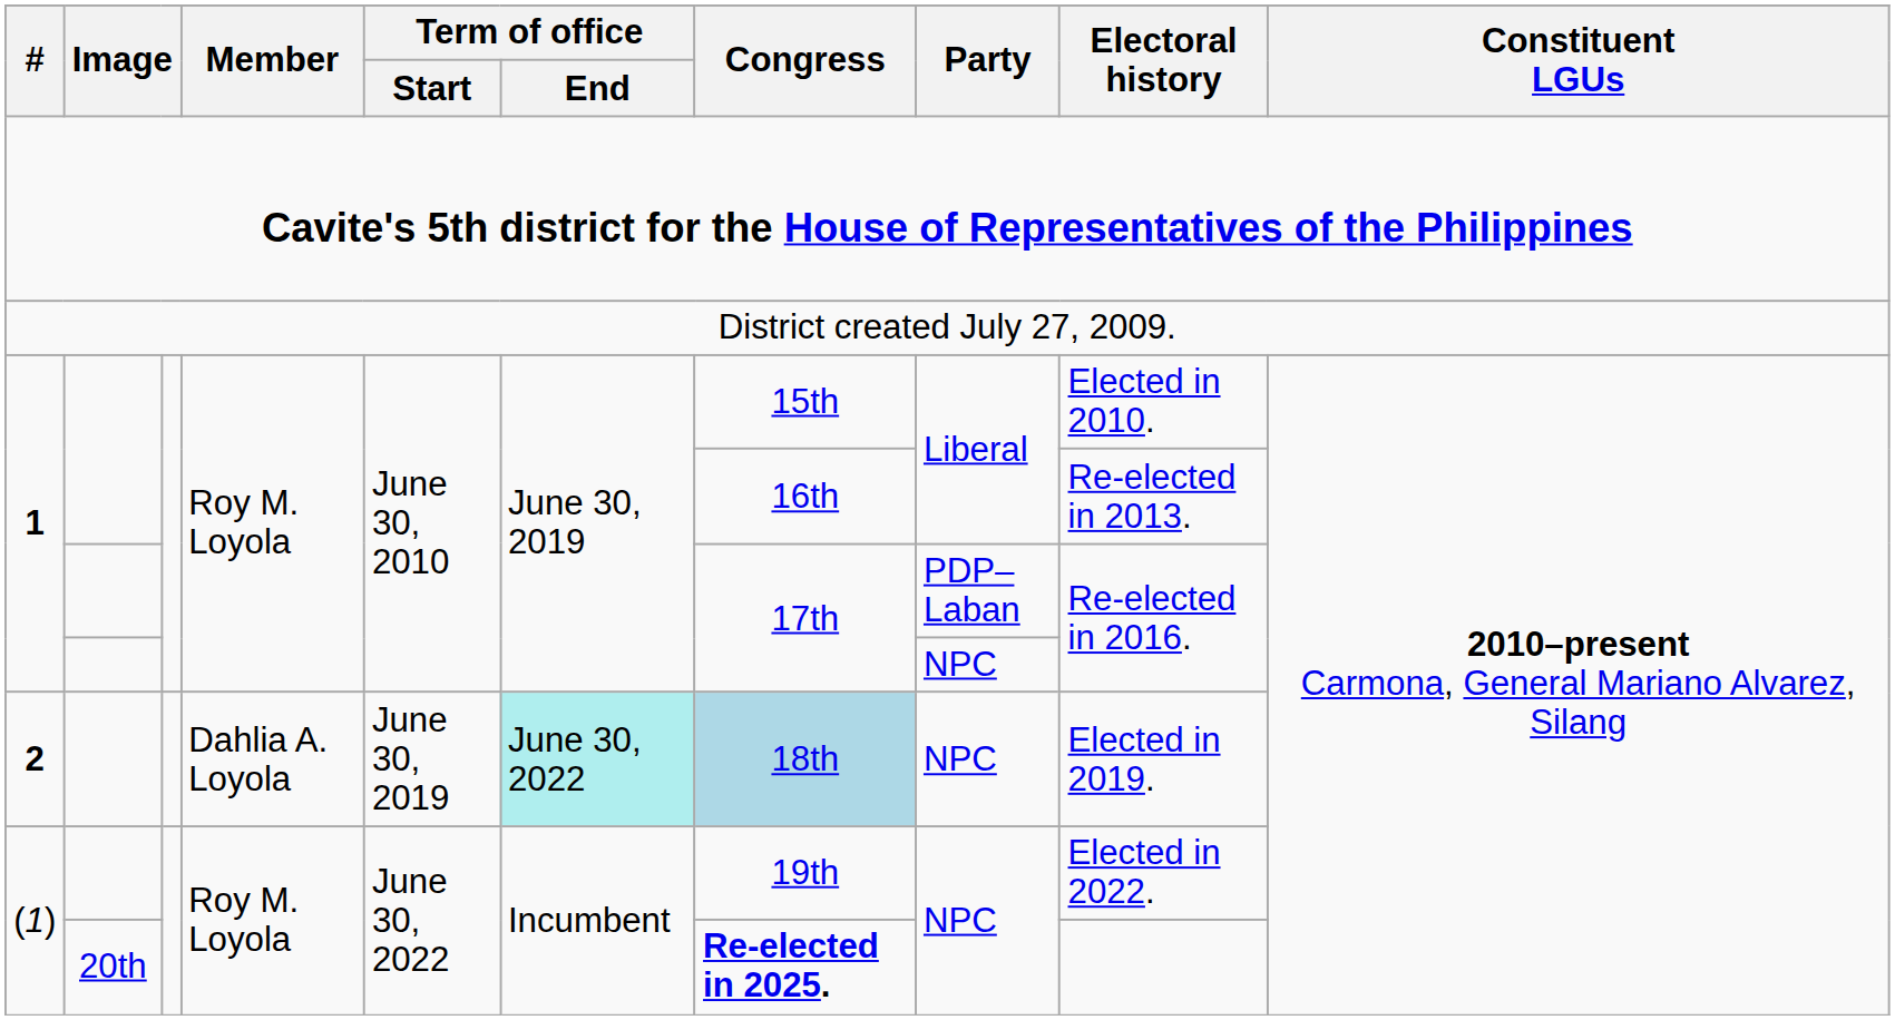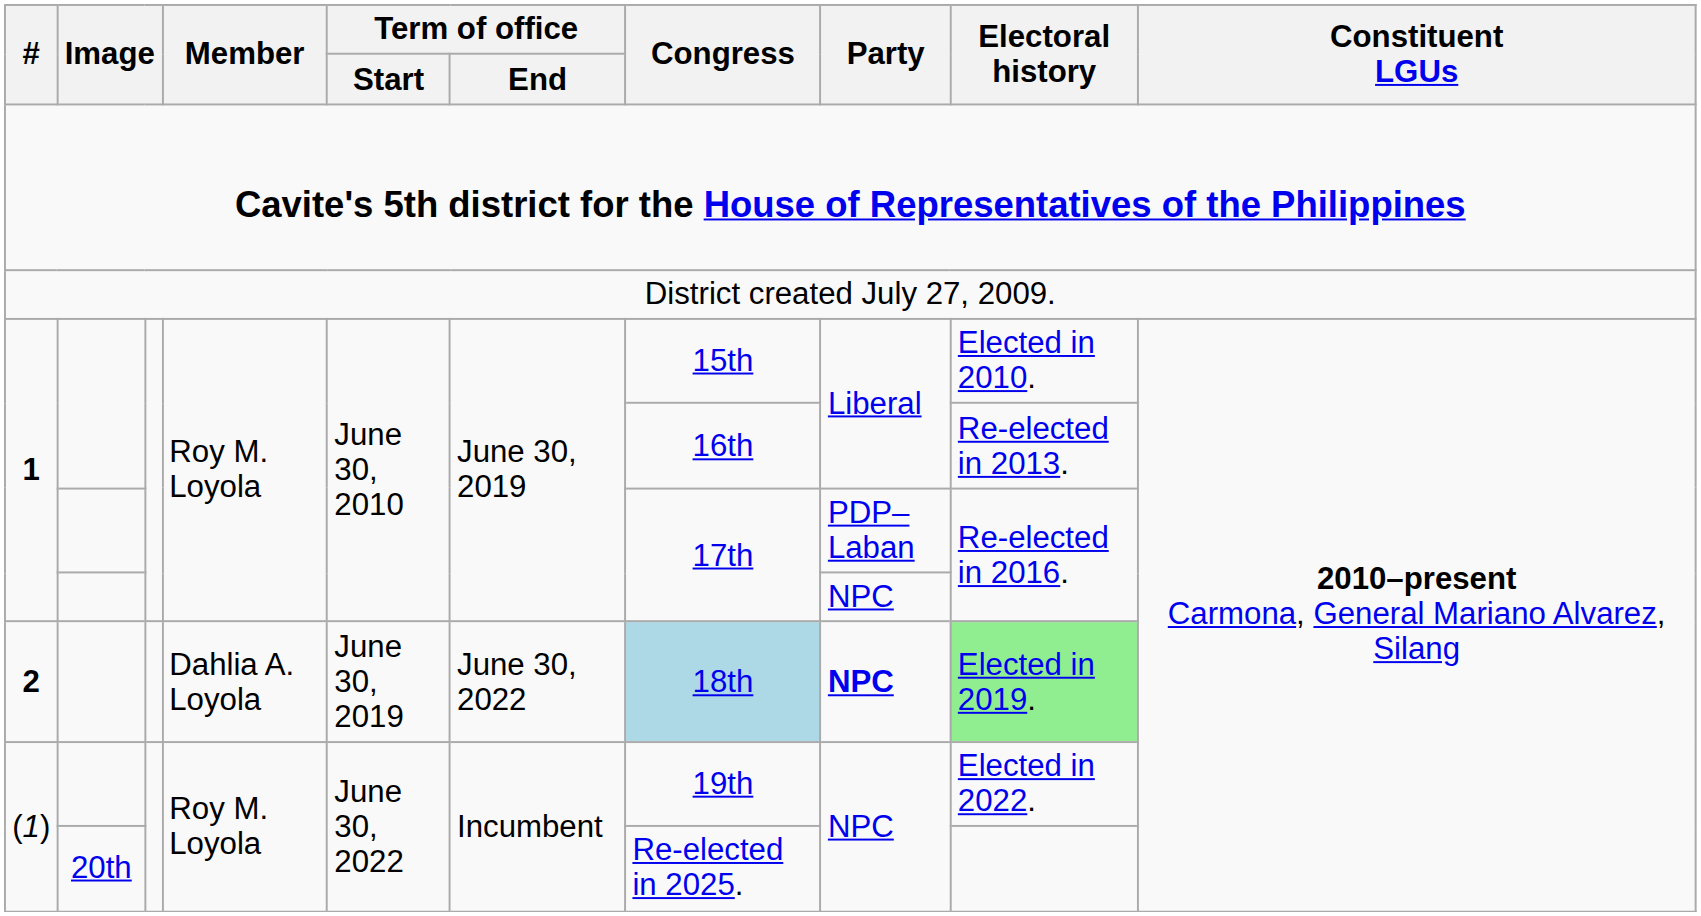 <table class="wikitable">
 <tr>
 <th rowspan="2">#</th>
 <th colspan="2" rowspan="2">Image</th>
 <th rowspan="2">Member</th>
 <th colspan="2">Term of office</th>
 <th rowspan="2">Congress</th>
 <th rowspan="2">Party</th>
 <th rowspan="2">Electoral history</th>
 <th rowspan="2" width="33%">Constituent<br><a href='#'>LGUs</a></th>
 </tr>
 <tr>
 <th>Start</th>
 <th>End</th>
 </tr>
 <tr>
 <td colspan="10" style="text-align:center;"><br><h3>Cavite's 5th district for the <a href='#'>House of Representatives of the Philippines</a></h3></td>
 </tr>
 <tr>
 <td colspan="10" style="text-align:center;">District created July 27, 2009.</td>
 </tr>
 <tr>
 <td style="text-align:center;" rowspan="4"><strong>1</strong></td>
 <td rowspan="2" style="color:inherit;background:"></td>
 <td rowspan="4"></td>
 <td rowspan="4">Roy M. Loyola</td>
 <td rowspan="4">June 30, 2010</td>
 <td rowspan="4">June 30, 2019</td>
 <td style="text-align:center;"><a href='#'>15th</a></td>
 <td rowspan=2><a href='#'>Liberal</a></td>
 <td><a href='#'>Elected in 2010</a>.</td>
 <td rowspan="7" style="text-align:center;"><strong>2010–present</strong><br><a href='#'>Carmona</a>, <a href='#'>General Mariano Alvarez</a>, <a href='#'>Silang</a></td>
 </tr>
 <tr>
 <td style="text-align:center;"><a href='#'>16th</a></td>
 <td><a href='#'>Re-elected in 2013</a>.</td>
 </tr>
 <tr>
 <td style="color:inherit;background:"></td>
 <td style="text-align:center;" rowspan="2"><a href='#'>17th</a></td>
 <td><a href='#'>PDP–Laban</a></td>
 <td rowspan="2"><a href='#'>Re-elected in 2016</a>.</td>
 </tr>
 <tr>
 <td style="color:inherit;background:"></td>
 <td><a href='#'>NPC</a></td>
 </tr>
 <tr>
 <td style="text-align:center;"><strong>2</strong></td>
 <td style="color:inherit;background:"></td>
 <td></td>
 <td>Dahlia A. Loyola</td>
 <td>June 30, 2019</td>
-<td style="background: paleturquoise;">June 30, 2022</td>
+<td>June 30, 2022</td>
 <td style="background: lightblue; text-align:center;"><a href='#'>18th</a></td>
-<td><a href='#'>NPC</a></td>
-<td><a href='#'>Elected in 2019</a>.</td>
+<td><strong><a href='#'>NPC</a></strong></td>
+<td style="background: lightgreen;"><a href='#'>Elected in 2019</a>.</td>
 </tr>
 <tr>
 <td style="text-align:center;" rowspan="2">(<em>1</em>)</td>
 <td style="color:inherit;background:"></td>
 <td rowspan="2"></td>
 <td rowspan="2">Roy M. Loyola</td>
 <td rowspan="2">June 30, 2022</td>
 <td rowspan="2">Incumbent</td>
 <td style="text-align:center;"><a href='#'>19th</a></td>
 <td rowspan="2"><a href='#'>NPC</a></td>
 <td><a href='#'>Elected in 2022</a>.</td>
 </tr>
 <tr>
 <td style="text-align:center;"><a href='#'>20th</a></td>
-<td><strong><a href='#'>Re-elected in 2025</a>.</strong></td>
+<td><a href='#'>Re-elected in 2025</a>.</td>
 </tr>
 </table>
